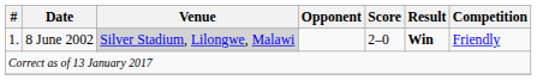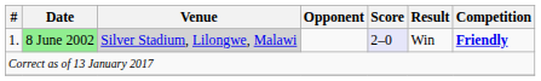 <table class="wikitable" style="font-size:95%;">
 <tr>
 <th>#</th>
 <th>Date</th>
 <th>Venue</th>
 <th>Opponent</th>
 <th>Score</th>
 <th>Result</th>
 <th>Competition</th>
 </tr>
 <tr>
 <td>1.</td>
-<td>8 June 2002</td>
+<td style="background: lightgreen;">8 June 2002</td>
 <td style="background: lightgrey;"><a href='#'>Silver Stadium</a>, <a href='#'>Lilongwe</a>, <a href='#'>Malawi</a></td>
 <td></td>
-<td>2–0</td>
-<td><strong>Win</strong></td>
-<td><a href='#'>Friendly</a></td>
+<td style="background: lavender;">2–0</td>
+<td>Win</td>
+<td><strong><a href='#'>Friendly</a></strong></td>
 </tr>
 <tr>
 <td colspan="12"><small><em>Correct as of 13 January 2017</em></small></td>
 </tr>
 <tr>
 </tr>
 </table>
